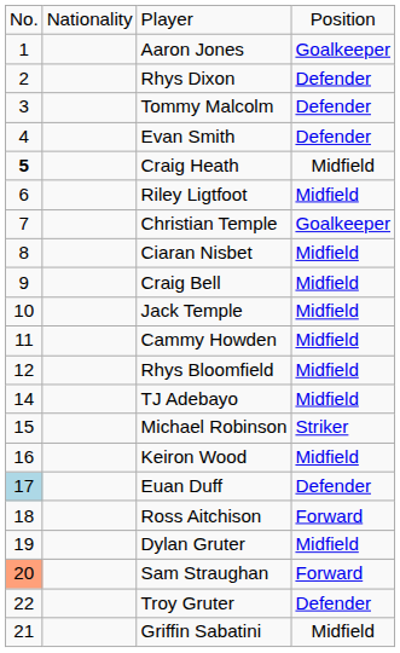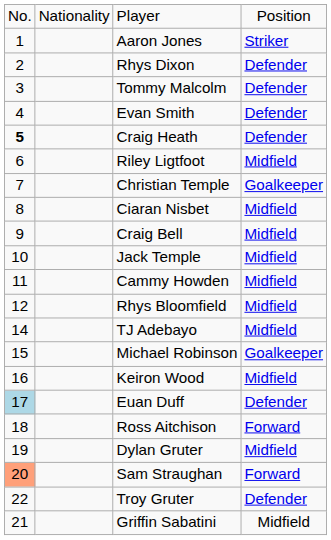 <table class="wikitable">
 <tr>
 <td style="text-align:center">No.</td>
 <td style="text-align:center">Nationality</td>
 <td style="text-align:left">Player</td>
 <td style="text-align:center">Position</td>
 </tr>
 <tr>
 <td style="text-align:center">1</td>
 <td style="text-align:center"></td>
 <td style="text-align:left">Aaron Jones</td>
-<td style="text-align:left"><a href='#'>Goalkeeper</a></td>
+<td style="text-align:left"><a href='#'>Striker</a></td>
 </tr>
 <tr>
 <td style="text-align:center">2</td>
 <td style="text-align:center"></td>
 <td style="text-align:left">Rhys Dixon</td>
 <td style="text-align:left"><a href='#'>Defender</a></td>
 </tr>
 <tr>
 <td style="text-align:center">3</td>
 <td style="text-align:center"></td>
 <td style="text-align:left">Tommy Malcolm</td>
 <td style="text-align:left"><a href='#'>Defender</a></td>
 </tr>
 <tr>
 <td style="text-align:center">4</td>
 <td style="text-align:center"></td>
 <td style="text-align:left">Evan Smith</td>
 <td style="text-align:left"><a href='#'>Defender</a></td>
 </tr>
 <tr>
 <td style="text-align:center"><strong>5</strong></td>
 <td style="text-align:center"></td>
 <td style="text-align:left">Craig Heath</td>
-<td style="text-align:center">Midfield</td>
+<td style="text-align:left"><a href='#'>Defender</a></td>
 </tr>
 <tr>
 <td style="text-align:center">6</td>
 <td style="text-align:center"></td>
 <td style="text-align:left">Riley Ligtfoot</td>
 <td style="text-align:left"><a href='#'>Midfield</a></td>
 </tr>
 <tr>
 <td style="text-align:center">7</td>
 <td style="text-align:center"></td>
 <td style="text-align:left">Christian Temple</td>
 <td style="text-align:left"><a href='#'>Goalkeeper</a></td>
 </tr>
 <tr>
 <td style="text-align:center">8</td>
 <td style="text-align:center"></td>
 <td style="text-align:left">Ciaran Nisbet</td>
 <td style="text-align:left"><a href='#'>Midfield</a></td>
 </tr>
 <tr>
 <td style="text-align:center">9</td>
 <td style="text-align:center"></td>
 <td style="text-align:left">Craig Bell</td>
 <td style="text-align:left"><a href='#'>Midfield</a></td>
 </tr>
 <tr>
 <td style="text-align:center">10</td>
 <td style="text-align:center"></td>
 <td style="text-align:left">Jack Temple</td>
 <td style="text-align:left"><a href='#'>Midfield</a></td>
 </tr>
 <tr>
 <td style="text-align:center">11</td>
 <td style="text-align:center"></td>
 <td style="text-align:left">Cammy Howden</td>
 <td style="text-align:left"><a href='#'>Midfield</a></td>
 </tr>
 <tr>
 <td style="text-align:center">12</td>
 <td style="text-align:center"></td>
 <td style="text-align:left">Rhys Bloomfield</td>
 <td style="text-align:left"><a href='#'>Midfield</a></td>
 </tr>
 <tr>
 <td style="text-align:center">14</td>
 <td style="text-align:center"></td>
 <td style="text-align:left">TJ Adebayo</td>
 <td style="text-align:left"><a href='#'>Midfield</a></td>
 </tr>
 <tr>
 <td style="text-align:center">15</td>
 <td style="text-align:center"></td>
 <td style="text-align:left">Michael Robinson</td>
-<td style="text-align:left"><a href='#'>Striker</a></td>
+<td style="text-align:left"><a href='#'>Goalkeeper</a></td>
 </tr>
 <tr>
 <td style="text-align:center">16</td>
 <td style="text-align:center"></td>
 <td style="text-align:left">Keiron Wood</td>
 <td style="text-align:left"><a href='#'>Midfield</a></td>
 </tr>
 <tr>
 <td style="background: lightblue; text-align:center">17</td>
 <td style="text-align:center"></td>
 <td style="text-align:left">Euan Duff</td>
 <td style="text-align:left"><a href='#'>Defender</a></td>
 </tr>
 <tr>
 <td style="text-align:center">18</td>
 <td style="text-align:center"></td>
 <td style="text-align:left">Ross Aitchison</td>
 <td style="text-align:left"><a href='#'>Forward</a></td>
 </tr>
 <tr>
 <td style="text-align:center">19</td>
 <td style="text-align:center"></td>
 <td style="text-align:left">Dylan Gruter</td>
 <td style="text-align:left"><a href='#'>Midfield</a></td>
 </tr>
 <tr>
 <td style="background: lightsalmon; text-align:center">20</td>
 <td style="text-align:center"></td>
 <td style="text-align:left">Sam Straughan</td>
 <td style="text-align:left"><a href='#'>Forward</a></td>
 </tr>
 <tr>
 <td style="text-align:center">22</td>
 <td style="text-align:center"></td>
 <td style="text-align:left">Troy Gruter</td>
 <td style="text-align:left"><a href='#'>Defender</a></td>
 </tr>
 <tr>
 <td style="text-align:center">21</td>
 <td style="text-align:center"></td>
 <td style="text-align:left">Griffin Sabatini</td>
 <td style="text-align:center">Midfield</td>
 </tr>
 </table>
